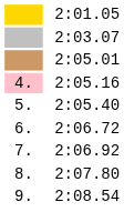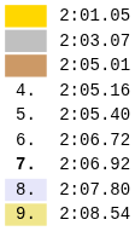 <table style="text-align:center">
 <tr>
 <td width=30 bgcolor=gold></td>
 <td align=left></td>
 <td width=60>2:01.05</td>
 </tr>
 <tr>
 <td bgcolor=silver></td>
 <td align=left></td>
 <td>2:03.07</td>
 </tr>
 <tr>
 <td bgcolor=cc9966></td>
 <td align=left></td>
 <td>2:05.01</td>
 </tr>
 <tr>
-<td style="background: pink;">4.</td>
+<td>4.</td>
 <td align=left></td>
 <td>2:05.16</td>
 </tr>
 <tr>
 <td>5.</td>
 <td align=left></td>
 <td>2:05.40</td>
 </tr>
 <tr>
 <td>6.</td>
 <td align=left></td>
 <td>2:06.72</td>
 </tr>
 <tr>
-<td>7.</td>
+<td><strong>7.</strong></td>
 <td align=left></td>
 <td>2:06.92</td>
 </tr>
 <tr>
-<td>8.</td>
+<td style="background: lavender;">8.</td>
 <td align=left></td>
 <td>2:07.80</td>
 </tr>
 <tr>
-<td>9.</td>
+<td style="background: khaki;">9.</td>
 <td align=left></td>
 <td>2:08.54</td>
 </tr>
 </table>
